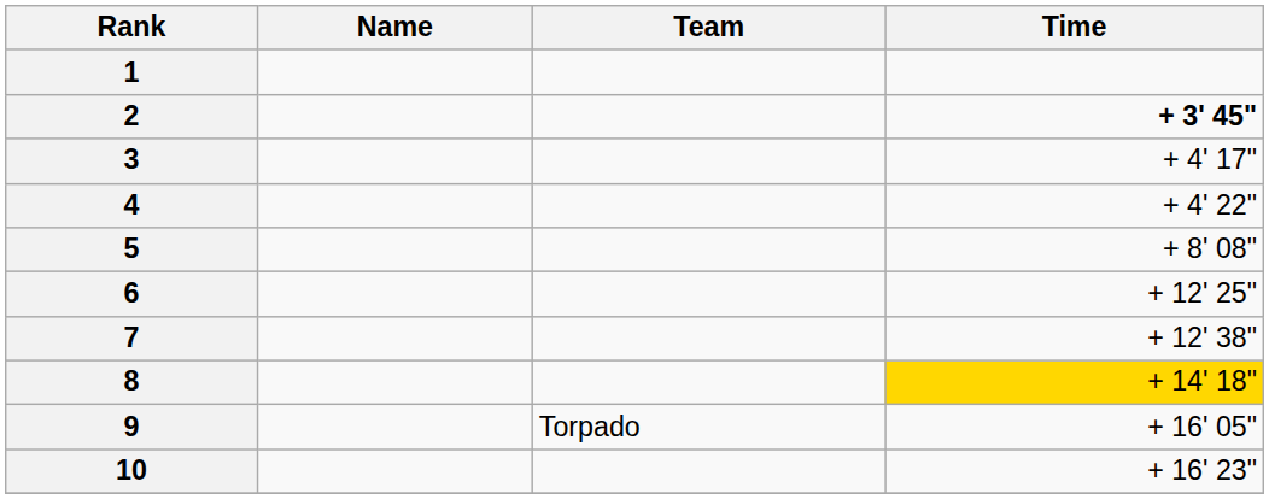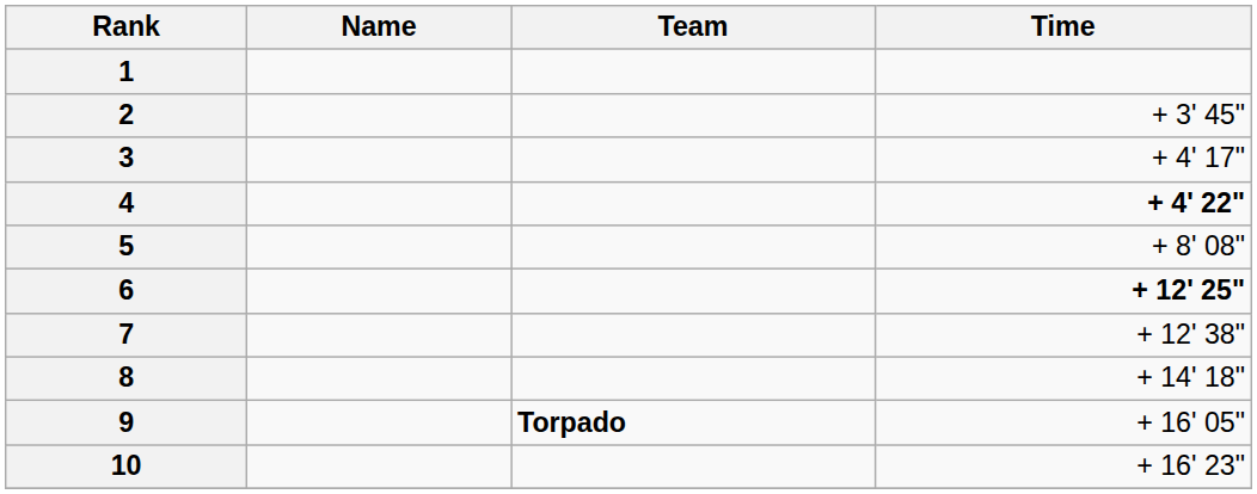 <table class="wikitable" style="width:45em;margin-bottom:0;">
 <tr>
 <th>Rank</th>
 <th>Name</th>
 <th>Team</th>
 <th>Time</th>
 </tr>
 <tr>
 <th style="text-align:center">1</th>
 <td> </td>
 <td></td>
 <td align="right"></td>
 </tr>
 <tr>
 <th style="text-align:center">2</th>
 <td></td>
 <td></td>
-<td align="right"><strong>+ 3' 45"</strong></td>
+<td align="right">+ 3' 45"</td>
 </tr>
 <tr>
 <th style="text-align:center">3</th>
 <td></td>
 <td></td>
 <td align="right">+ 4' 17"</td>
 </tr>
 <tr>
 <th style="text-align:center">4</th>
 <td></td>
 <td></td>
-<td align="right">+ 4' 22"</td>
+<td align="right"><strong>+ 4' 22"</strong></td>
 </tr>
 <tr>
 <th style="text-align:center">5</th>
 <td></td>
 <td></td>
 <td align="right">+ 8' 08"</td>
 </tr>
 <tr>
 <th style="text-align:center">6</th>
 <td></td>
 <td></td>
-<td align="right">+ 12' 25"</td>
+<td align="right"><strong>+ 12' 25"</strong></td>
 </tr>
 <tr>
 <th style="text-align:center">7</th>
 <td></td>
 <td></td>
 <td align="right">+ 12' 38"</td>
 </tr>
 <tr>
 <th style="text-align:center">8</th>
 <td></td>
 <td></td>
-<td align="right" style="background: gold;">+ 14' 18"</td>
+<td align="right">+ 14' 18"</td>
 </tr>
 <tr>
 <th style="text-align:center">9</th>
 <td></td>
-<td>Torpado</td>
+<td><strong>Torpado</strong></td>
 <td align="right">+ 16' 05"</td>
 </tr>
 <tr>
 <th style="text-align:center">10</th>
 <td></td>
 <td></td>
 <td align="right">+ 16' 23"</td>
 </tr>
 <tr>
 </tr>
 </table>
